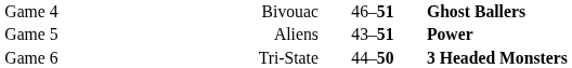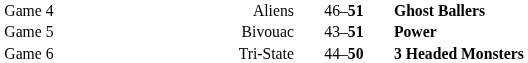 <table style="width:100%;" cellspacing="1">
 <tr>
 <th width=15%></th>
 <th width=25%></th>
 <th width=10%></th>
 <th width=25%></th>
 </tr>
 <tr style=font-size:90%>
 <td align=right>Game 4</td>
-<td align=right>Bivouac</td>
+<td align=right>Aliens</td>
 <td align=center>46–<strong>51</strong></td>
 <td><strong>Ghost Ballers</strong></td>
 <td></td>
 </tr>
 <tr style=font-size:90%>
 <td align=right>Game 5</td>
-<td align=right>Aliens</td>
+<td align=right>Bivouac</td>
 <td align=center>43–<strong>51</strong></td>
 <td><strong>Power</strong></td>
 <td></td>
 </tr>
 <tr style=font-size:90%>
 <td align=right>Game 6</td>
 <td align=right>Tri-State</td>
 <td align=center>44–<strong>50</strong></td>
 <td><strong>3 Headed Monsters</strong></td>
 <td></td>
 </tr>
 </table>
